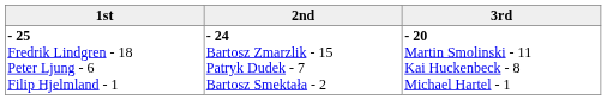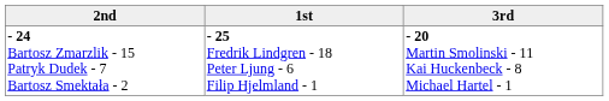 <table border="1" cellpadding="2" cellspacing="0"  style="width:75%; border-collapse:collapse;">
 <tr style="text-align:left; background:#efefef;">
+<th width=15% align=center >2nd</th>
 <th width=15% align=center >1st</th>
-<th width=15% align=center >2nd</th>
 <th width=15% align=center >3rd</th>
 </tr>
 <tr align=left>
+<td valign=top align=left ><strong> - 24</strong><br><a href='#'>Bartosz Zmarzlik</a> - 15<br><a href='#'>Patryk Dudek</a> - 7<br><a href='#'>Bartosz Smektała</a> - 2</td>
 <td valign=top align=left ><strong> - 25</strong><br><a href='#'>Fredrik Lindgren</a> - 18<br><a href='#'>Peter Ljung</a> - 6<br><a href='#'>Filip Hjelmland</a> - 1</td>
-<td valign=top align=left ><strong> - 24</strong><br><a href='#'>Bartosz Zmarzlik</a> - 15<br><a href='#'>Patryk Dudek</a> - 7<br><a href='#'>Bartosz Smektała</a> - 2</td>
 <td valign=top align=left ><strong> - 20</strong><br><a href='#'>Martin Smolinski</a> - 11<br><a href='#'>Kai Huckenbeck</a> - 8<br><a href='#'>Michael Hartel</a> - 1</td>
 </tr>
 </table>
